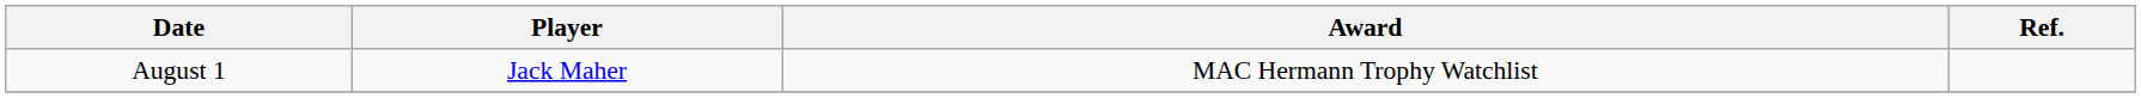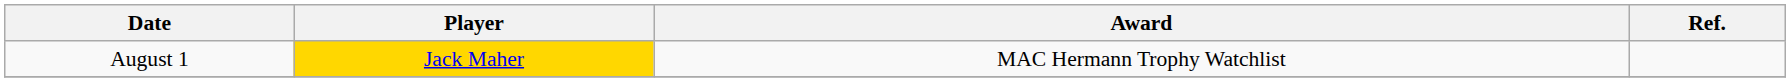 <table class="wikitable" style="text-align:center; font-size:90%; width:75%;">
 <tr>
 <th>Date</th>
 <th>Player</th>
 <th>Award</th>
 <th>Ref.</th>
 </tr>
 <tr>
 <td>August 1</td>
-<td><a href='#'>Jack Maher</a></td>
+<td style="background: gold;"><a href='#'>Jack Maher</a></td>
 <td>MAC Hermann Trophy Watchlist</td>
 <td></td>
 </tr>
 <tr>
 </tr>
 </table>
